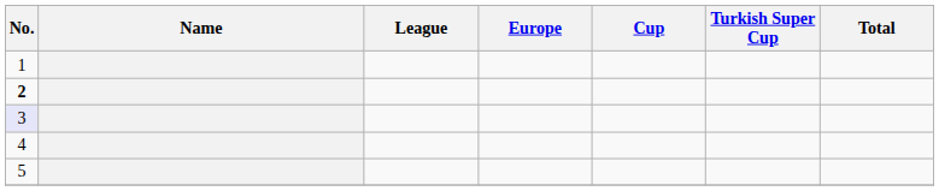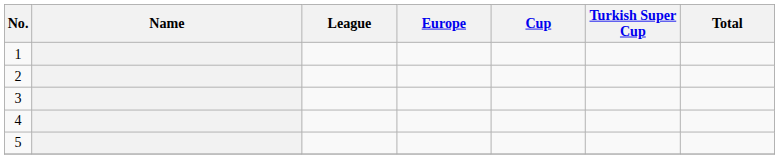 <table class="wikitable plainrowheaders sortable" style="text-align: center;">
 <tr>
 <th scope=col>No.</th>
 <th scope=col width="300px">Name</th>
 <th scope=col width="100px">League</th>
 <th scope=col width="100px"><a href='#'>Europe</a></th>
 <th scope=col width="100px"><a href='#'>Cup</a></th>
 <th scope=col width="100px"><a href='#'>Turkish Super Cup</a></th>
 <th scope=col width="100px">Total</th>
 </tr>
 <tr>
 <td>1</td>
 <th scope=row> </th>
 <td></td>
 <td></td>
 <td></td>
 <td></td>
 <td></td>
 </tr>
 <tr>
-<td><strong>2</strong></td>
+<td>2</td>
 <th scope=row> </th>
 <td></td>
 <td></td>
 <td></td>
 <td></td>
 <td></td>
 </tr>
 <tr>
-<td style="background: lavender;">3</td>
+<td>3</td>
 <th scope=row> </th>
 <td></td>
 <td></td>
 <td></td>
 <td></td>
 <td></td>
 </tr>
 <tr>
 <td>4</td>
 <th scope=row> </th>
 <td></td>
 <td></td>
 <td></td>
 <td></td>
 <td></td>
 </tr>
 <tr>
 <td>5</td>
 <th scope=row> </th>
 <td></td>
 <td></td>
 <td></td>
 <td></td>
 <td></td>
 </tr>
 <tr>
 </tr>
 </table>
